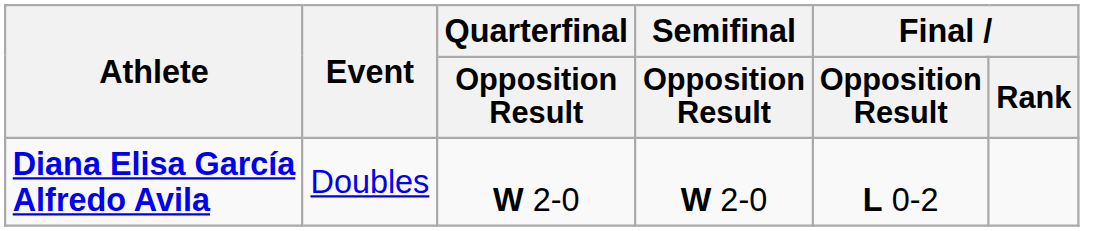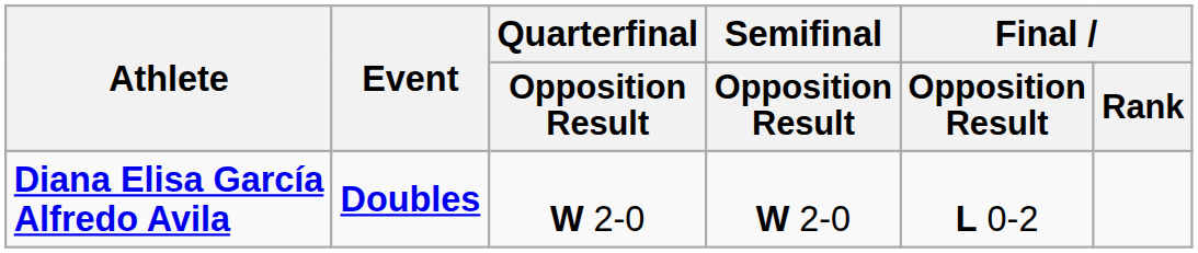 <table class=wikitable style=font-size:90%;text-align:center>
 <tr>
 <th rowspan=2>Athlete</th>
 <th rowspan=2>Event</th>
 <th>Quarterfinal</th>
 <th>Semifinal</th>
 <th colspan=2>Final / </th>
 </tr>
 <tr style=font-size:95%>
 <th>Opposition<br>Result</th>
 <th>Opposition<br>Result</th>
 <th>Opposition<br>Result</th>
 <th>Rank</th>
 </tr>
 <tr>
 <td align=left><strong><a href='#'>Diana Elisa García</a><br><a href='#'>Alfredo Avila</a></strong></td>
-<td align=left><a href='#'>Doubles</a></td>
+<td align=left><strong><a href='#'>Doubles</a></strong></td>
 <td><br><strong>W</strong> 2-0</td>
 <td><br><strong>W</strong> 2-0</td>
 <td><br><strong>L</strong> 0-2</td>
 <td></td>
 </tr>
 </table>
